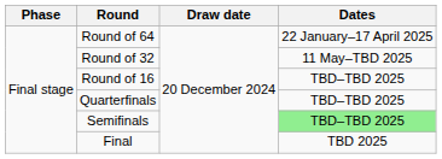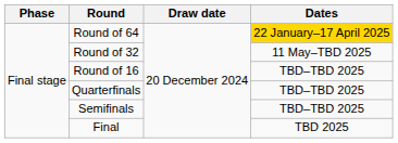 <table class="wikitable" style="text-align:center">
 <tr>
 <th>Phase</th>
 <th>Round</th>
 <th>Draw date</th>
 <th>Dates</th>
 </tr>
 <tr>
 <td rowspan=6>Final stage</td>
 <td>Round of 64</td>
 <td rowspan=6>20 December 2024</td>
-<td>22 January–17 April 2025</td>
+<td style="background: gold;">22 January–17 April 2025</td>
 </tr>
 <tr>
 <td>Round of 32</td>
 <td>11 May–TBD 2025</td>
 </tr>
 <tr>
 <td>Round of 16</td>
 <td>TBD–TBD 2025</td>
 </tr>
 <tr>
 <td>Quarterfinals</td>
 <td>TBD–TBD 2025</td>
 </tr>
 <tr>
 <td>Semifinals</td>
-<td style="background: lightgreen;">TBD–TBD 2025</td>
+<td>TBD–TBD 2025</td>
 </tr>
 <tr>
 <td>Final</td>
 <td>TBD 2025</td>
 </tr>
 </table>
